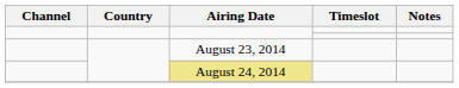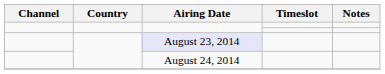 <table class="wikitable" width=60% style="text-align:center">
 <tr>
 <th>Channel</th>
 <th>Country</th>
 <th>Airing Date</th>
 <th>Timeslot</th>
 <th>Notes</th>
 </tr>
 <tr>
 <td rowspan="2"></td>
 <td rowspan="2"></td>
 <td rowspan="2"></td>
 <td></td>
 <td></td>
 </tr>
 <tr>
 <td></td>
 <td></td>
 </tr>
 <tr>
 <td></td>
 <td rowspan="2"></td>
-<td>August 23, 2014</td>
+<td style="background: lavender;">August 23, 2014</td>
 <td></td>
 <td></td>
 </tr>
 <tr>
 <td></td>
-<td style="background: khaki;">August 24, 2014</td>
+<td>August 24, 2014</td>
 <td></td>
 <td></td>
 </tr>
 <tr>
 </tr>
 </table>
